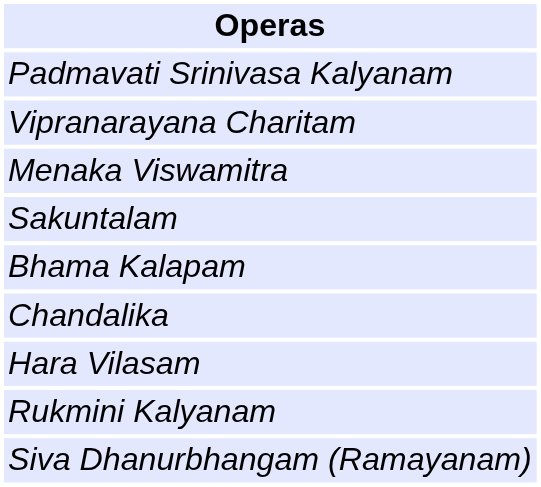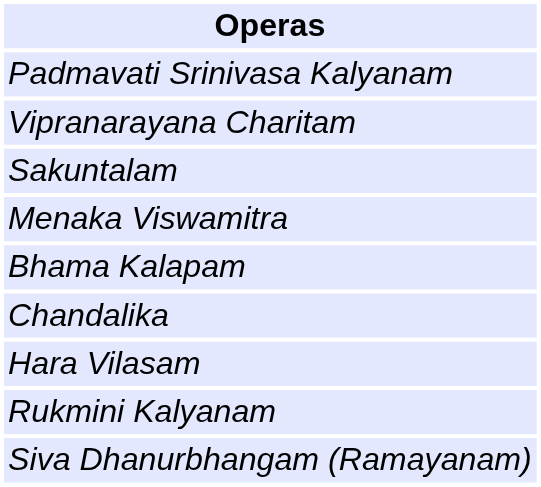 <table border="0" cellpadding="2" cellspacing="2">
 <tr bgcolor="#e4e8ff">
 <th>Operas</th>
 </tr>
 <tr bgcolor="#e4e8ff">
 <td><em>Padmavati Srinivasa Kalyanam</em></td>
 </tr>
 <tr bgcolor="#e4e8ff">
 <td><em>Vipranarayana Charitam</em></td>
 </tr>
 <tr bgcolor="#e4e8ff">
-<td><em>Menaka Viswamitra</em></td>
+<td><em>Sakuntalam</em></td>
 </tr>
 <tr bgcolor="#e4e8ff">
-<td><em>Sakuntalam</em></td>
+<td><em>Menaka Viswamitra</em></td>
 </tr>
 <tr bgcolor="#e4e8ff">
 <td><em>Bhama Kalapam</em></td>
 </tr>
 <tr bgcolor="#e4e8ff">
 <td><em>Chandalika</em></td>
 </tr>
 <tr bgcolor="#e4e8ff">
 <td><em>Hara Vilasam</em></td>
 </tr>
 <tr bgcolor="#e4e8ff">
 <td><em>Rukmini Kalyanam</em></td>
 </tr>
 <tr bgcolor="#e4e8ff">
 <td><em>Siva Dhanurbhangam (Ramayanam)</em></td>
 </tr>
 <tr bgcolor="#e4e8ff">
 </tr>
 <tr 'Ardha Nareeswaram>
 </tr>
 <tr bgcolor="#e4e8ff">
 </tr>
 <tr>
 </tr>
 <tr bgcolor="#e4e8ff">
 </tr>
 <tr>
 </tr>
 <tr bgcolor="#e4e8ff">
 </tr>
 <tr>
 </tr>
 </table>
